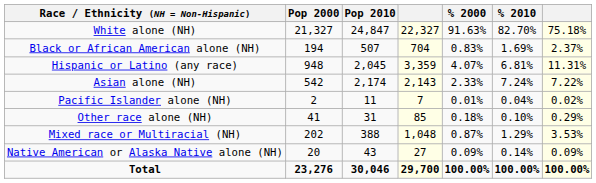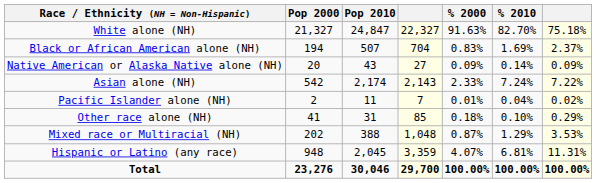 <table class="wikitable" style="text-align:center;">
 <tr>
 <th>Race / Ethnicity <small>(<em>NH = Non-Hispanic</em>)</small></th>
 <th>Pop 2000</th>
 <th>Pop 2010</th>
 <th></th>
 <th>% 2000</th>
 <th>% 2010</th>
 <th></th>
 </tr>
 <tr>
 <td><a href='#'>White</a> alone (NH)</td>
 <td>21,327</td>
 <td>24,847</td>
 <td style='background: #ffffe6;'>22,327</td>
 <td>91.63%</td>
 <td>82.70%</td>
 <td style='background: #ffffe6;'>75.18%</td>
 </tr>
 <tr>
 <td><a href='#'>Black or African American</a> alone (NH)</td>
 <td>194</td>
 <td>507</td>
 <td style='background: #ffffe6;'>704</td>
 <td>0.83%</td>
 <td>1.69%</td>
 <td style='background: #ffffe6;'>2.37%</td>
 </tr>
 <tr>
-<td><a href='#'>Hispanic or Latino</a> (any race)</td>
-<td>948</td>
-<td>2,045</td>
-<td style='background: #ffffe6;'>3,359</td>
-<td>4.07%</td>
-<td>6.81%</td>
-<td style='background: #ffffe6;'>11.31%</td>
+<td><a href='#'>Native American</a> or <a href='#'>Alaska Native</a> alone (NH)</td>
+<td>20</td>
+<td>43</td>
+<td style='background: #ffffe6;'>27</td>
+<td>0.09%</td>
+<td>0.14%</td>
+<td style='background: #ffffe6;'>0.09%</td>
 </tr>
 <tr>
 <td><a href='#'>Asian</a> alone (NH)</td>
 <td>542</td>
 <td>2,174</td>
 <td style='background: #ffffe6;'>2,143</td>
 <td>2.33%</td>
 <td>7.24%</td>
 <td style='background: #ffffe6;'>7.22%</td>
 </tr>
 <tr>
 <td><a href='#'>Pacific Islander</a> alone (NH)</td>
 <td>2</td>
 <td>11</td>
 <td style='background: #ffffe6;'>7</td>
 <td>0.01%</td>
 <td>0.04%</td>
 <td style='background: #ffffe6;'>0.02%</td>
 </tr>
 <tr>
 <td><a href='#'>Other race</a> alone (NH)</td>
 <td>41</td>
 <td>31</td>
 <td style='background: #ffffe6;'>85</td>
 <td>0.18%</td>
 <td>0.10%</td>
 <td style='background: #ffffe6;'>0.29%</td>
 </tr>
 <tr>
 <td><a href='#'>Mixed race or Multiracial</a> (NH)</td>
 <td>202</td>
 <td>388</td>
 <td style='background: #ffffe6;'>1,048</td>
 <td>0.87%</td>
 <td>1.29%</td>
 <td style='background: #ffffe6;'>3.53%</td>
 </tr>
 <tr>
-<td><a href='#'>Native American</a> or <a href='#'>Alaska Native</a> alone (NH)</td>
-<td>20</td>
-<td>43</td>
-<td style='background: #ffffe6;'>27</td>
-<td>0.09%</td>
-<td>0.14%</td>
-<td style='background: #ffffe6;'>0.09%</td>
+<td><a href='#'>Hispanic or Latino</a> (any race)</td>
+<td>948</td>
+<td>2,045</td>
+<td style='background: #ffffe6;'>3,359</td>
+<td>4.07%</td>
+<td>6.81%</td>
+<td style='background: #ffffe6;'>11.31%</td>
 </tr>
 <tr>
 <td><strong>Total</strong></td>
 <td><strong>23,276</strong></td>
 <td><strong>30,046</strong></td>
 <td style='background: #ffffe6;'><strong>29,700</strong></td>
 <td><strong>100.00%</strong></td>
 <td><strong>100.00%</strong></td>
 <td style='background: #ffffe6;'><strong>100.00%</strong></td>
 </tr>
 </table>
